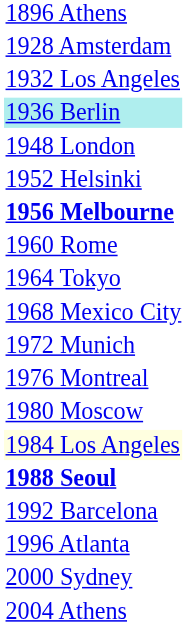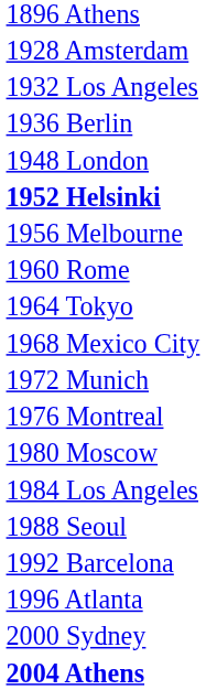 <table>
 <tr>
 <td><a href='#'>1896 Athens</a><br></td>
 <td></td>
 <td></td>
 <td></td>
 </tr>
 <tr>
 <td><a href='#'>1928 Amsterdam</a><br></td>
 <td></td>
 <td></td>
 <td></td>
 </tr>
 <tr>
 <td><a href='#'>1932 Los Angeles</a><br></td>
 <td></td>
 <td></td>
 <td></td>
 </tr>
 <tr>
-<td style="background: paleturquoise;"><a href='#'>1936 Berlin</a><br></td>
+<td><a href='#'>1936 Berlin</a><br></td>
 <td></td>
 <td></td>
 <td></td>
 </tr>
 <tr>
 <td><a href='#'>1948 London</a><br></td>
 <td></td>
 <td></td>
 <td></td>
 </tr>
 <tr>
-<td><a href='#'>1952 Helsinki</a><br></td>
+<td><strong><a href='#'>1952 Helsinki</a><br></strong></td>
 <td></td>
 <td></td>
 <td></td>
 </tr>
 <tr>
-<td><strong><a href='#'>1956 Melbourne</a><br></strong></td>
+<td><a href='#'>1956 Melbourne</a><br></td>
 <td></td>
 <td></td>
 <td></td>
 </tr>
 <tr>
 <td><a href='#'>1960 Rome</a><br></td>
 <td></td>
 <td></td>
 <td></td>
 </tr>
 <tr>
 <td><a href='#'>1964 Tokyo</a><br></td>
 <td></td>
 <td></td>
 <td></td>
 </tr>
 <tr>
 <td><a href='#'>1968 Mexico City</a><br></td>
 <td></td>
 <td></td>
 <td></td>
 </tr>
 <tr>
 <td><a href='#'>1972 Munich</a><br></td>
 <td></td>
 <td></td>
 <td></td>
 </tr>
 <tr>
 <td><a href='#'>1976 Montreal</a><br></td>
 <td></td>
 <td></td>
 <td></td>
 </tr>
 <tr>
 <td><a href='#'>1980 Moscow</a><br></td>
 <td></td>
 <td></td>
 <td></td>
 </tr>
 <tr>
-<td style="background: lightyellow;"><a href='#'>1984 Los Angeles</a><br></td>
+<td><a href='#'>1984 Los Angeles</a><br></td>
 <td></td>
 <td></td>
 <td></td>
 </tr>
 <tr>
-<td><strong><a href='#'>1988 Seoul</a><br></strong></td>
+<td><a href='#'>1988 Seoul</a><br></td>
 <td></td>
 <td></td>
 <td></td>
 </tr>
 <tr>
 <td><a href='#'>1992 Barcelona</a><br></td>
 <td></td>
 <td></td>
 <td></td>
 </tr>
 <tr>
 <td><a href='#'>1996 Atlanta</a><br></td>
 <td></td>
 <td></td>
 <td></td>
 </tr>
 <tr>
 <td><a href='#'>2000 Sydney</a><br></td>
 <td></td>
 <td></td>
 <td></td>
 </tr>
 <tr>
-<td><a href='#'>2004 Athens</a><br></td>
+<td><strong><a href='#'>2004 Athens</a><br></strong></td>
 <td></td>
 <td></td>
 <td></td>
 </tr>
 </table>
